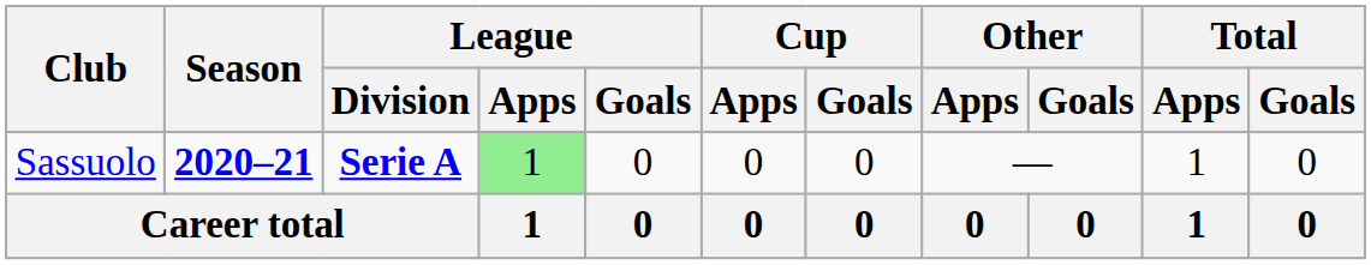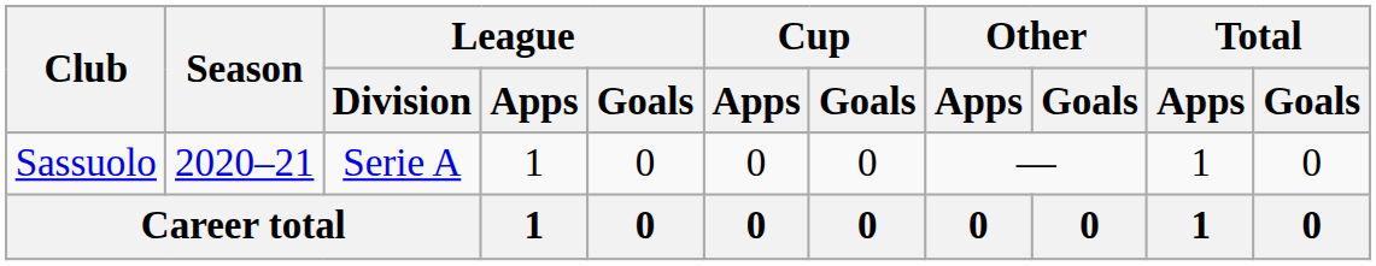 <table class="wikitable" Style="text-align: center">
 <tr>
 <th rowspan="2">Club</th>
 <th rowspan="2">Season</th>
 <th colspan="3">League</th>
 <th colspan="2">Cup</th>
 <th colspan="2">Other</th>
 <th colspan="2">Total</th>
 </tr>
 <tr>
 <th>Division</th>
 <th>Apps</th>
 <th>Goals</th>
 <th>Apps</th>
 <th>Goals</th>
 <th>Apps</th>
 <th>Goals</th>
 <th>Apps</th>
 <th>Goals</th>
 </tr>
 <tr>
 <td rowspan="1"><a href='#'>Sassuolo</a></td>
-<td><strong><a href='#'>2020–21</a></strong></td>
-<td rowspan="1"><strong><a href='#'>Serie A</a></strong></td>
-<td style="background: lightgreen;">1</td>
+<td><a href='#'>2020–21</a></td>
+<td rowspan="1"><a href='#'>Serie A</a></td>
+<td>1</td>
 <td>0</td>
 <td>0</td>
 <td>0</td>
 <td colspan="2">—</td>
 <td>1</td>
 <td>0</td>
 </tr>
 <tr>
 <th colspan="3">Career total</th>
 <th>1</th>
 <th>0</th>
 <th>0</th>
 <th>0</th>
 <th>0</th>
 <th>0</th>
 <th>1</th>
 <th>0</th>
 </tr>
 </table>
